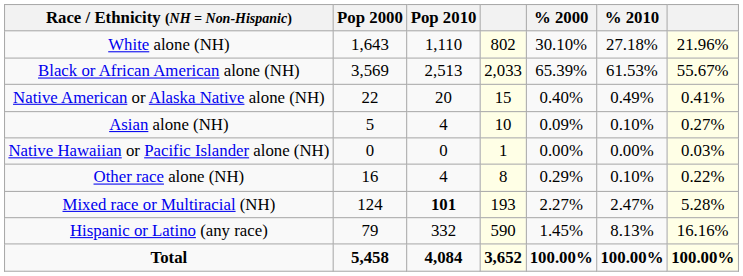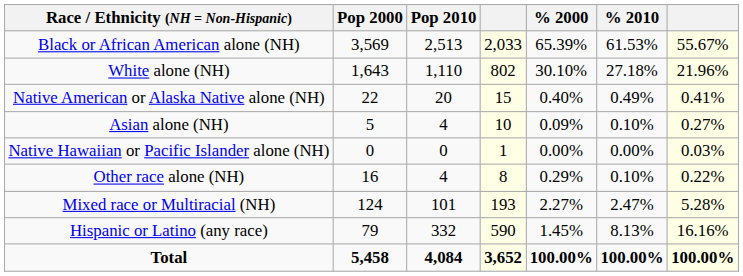 <table class="wikitable" style="text-align:center;">
 <tr>
 <th>Race / Ethnicity <small>(<em>NH = Non-Hispanic</em>)</small></th>
 <th>Pop 2000</th>
 <th>Pop 2010</th>
 <th></th>
 <th>% 2000</th>
 <th>% 2010</th>
 <th></th>
 </tr>
 <tr>
+<td><a href='#'>Black or African American</a> alone (NH)</td>
+<td>3,569</td>
+<td>2,513</td>
+<td style='background: #ffffe6;'>2,033</td>
+<td>65.39%</td>
+<td>61.53%</td>
+<td style='background: #ffffe6;'>55.67%</td>
+</tr>
+<tr>
 <td><a href='#'>White</a> alone (NH)</td>
 <td>1,643</td>
 <td>1,110</td>
 <td style='background: #ffffe6;'>802</td>
 <td>30.10%</td>
 <td>27.18%</td>
 <td style='background: #ffffe6;'>21.96%</td>
-</tr>
-<tr>
-<td><a href='#'>Black or African American</a> alone (NH)</td>
-<td>3,569</td>
-<td>2,513</td>
-<td style='background: #ffffe6;'>2,033</td>
-<td>65.39%</td>
-<td>61.53%</td>
-<td style='background: #ffffe6;'>55.67%</td>
 </tr>
 <tr>
 <td><a href='#'>Native American</a> or <a href='#'>Alaska Native</a> alone (NH)</td>
 <td>22</td>
 <td>20</td>
 <td style='background: #ffffe6;'>15</td>
 <td>0.40%</td>
 <td>0.49%</td>
 <td style='background: #ffffe6;'>0.41%</td>
 </tr>
 <tr>
 <td><a href='#'>Asian</a> alone (NH)</td>
 <td>5</td>
 <td>4</td>
 <td style='background: #ffffe6;'>10</td>
 <td>0.09%</td>
 <td>0.10%</td>
 <td style='background: #ffffe6;'>0.27%</td>
 </tr>
 <tr>
 <td><a href='#'>Native Hawaiian</a> or <a href='#'>Pacific Islander</a> alone (NH)</td>
 <td>0</td>
 <td>0</td>
 <td style='background: #ffffe6;'>1</td>
 <td>0.00%</td>
 <td>0.00%</td>
 <td style='background: #ffffe6;'>0.03%</td>
 </tr>
 <tr>
 <td><a href='#'>Other race</a> alone (NH)</td>
 <td>16</td>
 <td>4</td>
 <td style='background: #ffffe6;'>8</td>
 <td>0.29%</td>
 <td>0.10%</td>
 <td style='background: #ffffe6;'>0.22%</td>
 </tr>
 <tr>
 <td><a href='#'>Mixed race or Multiracial</a> (NH)</td>
 <td>124</td>
-<td><strong>101</strong></td>
+<td>101</td>
 <td style='background: #ffffe6;'>193</td>
 <td>2.27%</td>
 <td>2.47%</td>
 <td style='background: #ffffe6;'>5.28%</td>
 </tr>
 <tr>
 <td><a href='#'>Hispanic or Latino</a> (any race)</td>
 <td>79</td>
 <td>332</td>
 <td style='background: #ffffe6;'>590</td>
 <td>1.45%</td>
 <td>8.13%</td>
 <td style='background: #ffffe6;'>16.16%</td>
 </tr>
 <tr>
 <td><strong>Total</strong></td>
 <td><strong>5,458</strong></td>
 <td><strong>4,084</strong></td>
 <td style='background: #ffffe6;'><strong>3,652</strong></td>
 <td><strong>100.00%</strong></td>
 <td><strong>100.00%</strong></td>
 <td style='background: #ffffe6;'><strong>100.00%</strong></td>
 </tr>
 </table>
